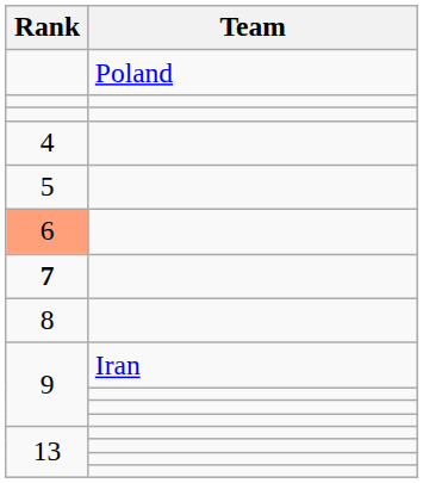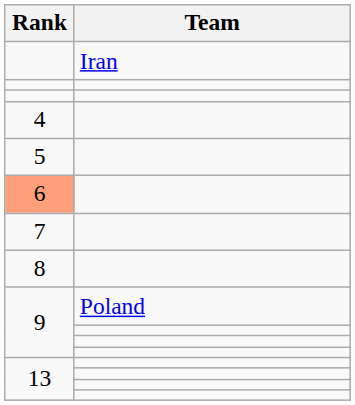 <table class="wikitable" style="text-align: center;">
 <tr>
 <th width=40>Rank</th>
 <th width=180>Team</th>
 </tr>
 <tr>
 <td></td>
-<td align=left> <a href='#'>Poland</a></td>
+<td align=left> <a href='#'>Iran</a></td>
 </tr>
 <tr>
 <td></td>
 <td align=left></td>
 </tr>
 <tr>
 <td></td>
 <td align=left></td>
 </tr>
 <tr>
 <td>4</td>
 <td align=left></td>
 </tr>
 <tr>
 <td>5</td>
 <td align=left></td>
 </tr>
 <tr>
 <td style="background: lightsalmon;">6</td>
 <td align=left></td>
 </tr>
 <tr>
-<td><strong>7</strong></td>
+<td>7</td>
 <td align=left></td>
 </tr>
 <tr>
 <td>8</td>
 <td align=left></td>
 </tr>
 <tr>
 <td rowspan=4>9</td>
-<td align=left> <a href='#'>Iran</a></td>
+<td align=left> <a href='#'>Poland</a></td>
 </tr>
 <tr>
 <td align=left></td>
 </tr>
 <tr>
 <td align=left></td>
 </tr>
 <tr>
 <td align=left></td>
 </tr>
 <tr>
 <td rowspan=4>13</td>
 <td align=left></td>
 </tr>
 <tr>
 <td align=left></td>
 </tr>
 <tr>
 <td align=left></td>
 </tr>
 <tr>
 <td align=left></td>
 </tr>
 </table>
